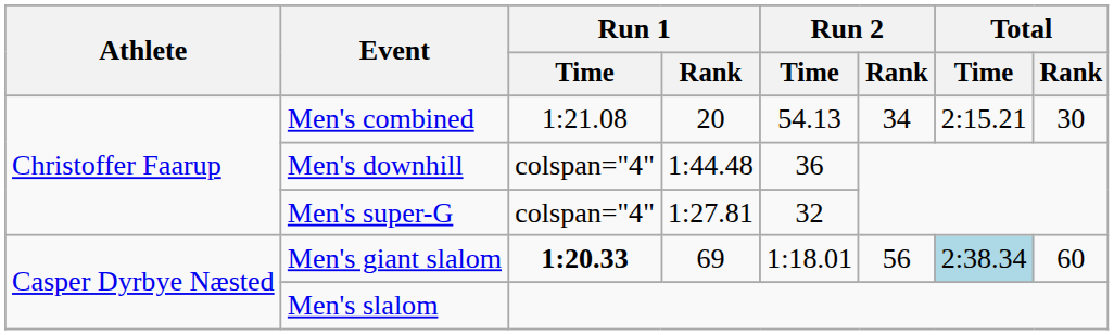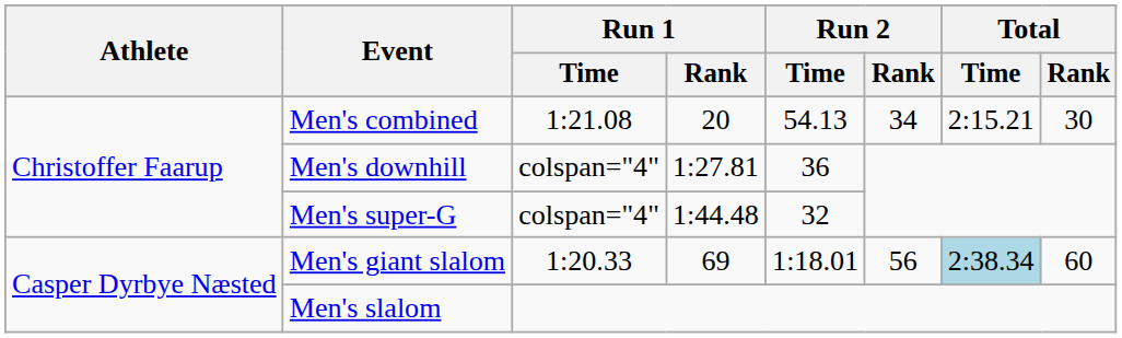 <table class="wikitable" style="font-size:90%">
 <tr>
 <th rowspan=2>Athlete</th>
 <th rowspan=2>Event</th>
 <th colspan=2>Run 1</th>
 <th colspan=2>Run 2</th>
 <th colspan=2>Total</th>
 </tr>
 <tr style="font-size:95%">
 <th>Time</th>
 <th>Rank</th>
 <th>Time</th>
 <th>Rank</th>
 <th>Time</th>
 <th>Rank</th>
 </tr>
 <tr align=center>
 <td align="left" rowspan="3"><a href='#'>Christoffer Faarup</a></td>
 <td align="left"><a href='#'>Men's combined</a></td>
 <td>1:21.08</td>
 <td>20</td>
 <td>54.13</td>
 <td>34</td>
 <td>2:15.21</td>
 <td>30</td>
 </tr>
 <tr align=center>
 <td align="left"><a href='#'>Men's downhill</a></td>
 <td>colspan="4" </td>
-<td>1:44.48</td>
+<td>1:27.81</td>
 <td>36</td>
 </tr>
 <tr align=center>
 <td align="left"><a href='#'>Men's super-G</a></td>
 <td>colspan="4" </td>
-<td>1:27.81</td>
+<td>1:44.48</td>
 <td>32</td>
 </tr>
 <tr align=center>
 <td align="left" rowspan="2"><a href='#'>Casper Dyrbye Næsted</a></td>
 <td align="left"><a href='#'>Men's giant slalom</a></td>
-<td><strong>1:20.33</strong></td>
+<td>1:20.33</td>
 <td>69</td>
 <td>1:18.01</td>
 <td>56</td>
 <td style="background: lightblue;">2:38.34</td>
 <td>60</td>
 </tr>
 <tr align=center>
 <td align="left"><a href='#'>Men's slalom</a></td>
 <td colspan=6></td>
 </tr>
 </table>
